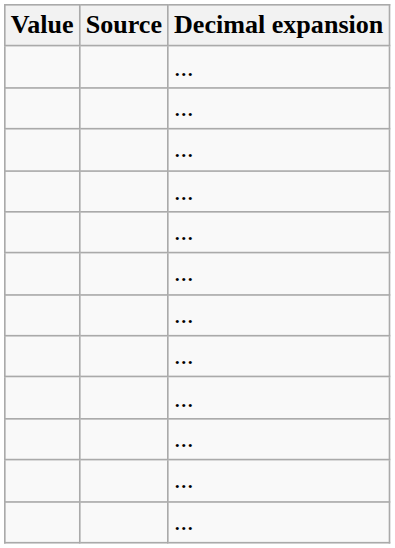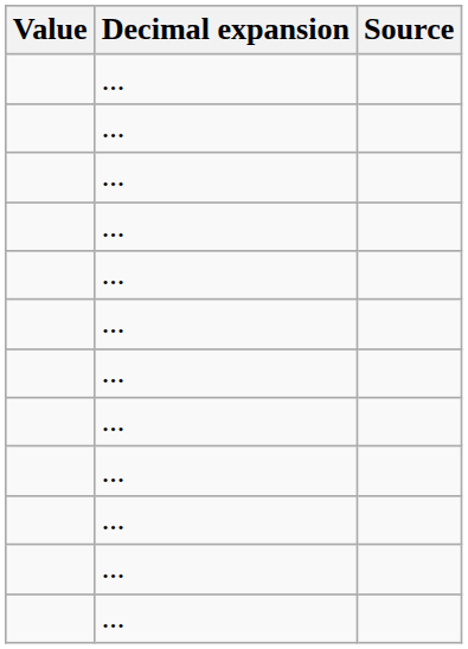 <table class="wikitable">
 <tr>
 <th scope="col">Value</th>
+<th scope="col">Decimal expansion</th>
 <th scope="col">Source</th>
-<th scope="col">Decimal expansion</th>
 </tr>
 <tr>
 <td></td>
+<td>...</td>
 <td></td>
-<td>...</td>
 </tr>
 <tr>
 <td></td>
+<td>...</td>
 <td></td>
-<td>...</td>
 </tr>
 <tr>
 <td></td>
+<td>...</td>
 <td></td>
-<td>...</td>
 </tr>
 <tr>
 <td></td>
+<td>...</td>
 <td></td>
-<td>...</td>
 </tr>
 <tr>
 <td></td>
+<td>...</td>
 <td></td>
-<td>...</td>
 </tr>
 <tr>
 <td></td>
+<td>...</td>
 <td></td>
-<td>...</td>
 </tr>
 <tr>
 <td></td>
+<td>...</td>
 <td></td>
-<td>...</td>
 </tr>
 <tr>
 <td></td>
+<td>...</td>
 <td></td>
-<td>...</td>
 </tr>
 <tr>
 <td></td>
+<td>...</td>
 <td></td>
-<td>...</td>
 </tr>
 <tr>
 <td></td>
+<td>...</td>
 <td></td>
-<td>...</td>
 </tr>
 <tr>
 <td></td>
+<td>...</td>
 <td></td>
-<td>...</td>
 </tr>
 <tr>
 <td></td>
+<td>...</td>
 <td></td>
-<td>...</td>
 </tr>
 </table>
